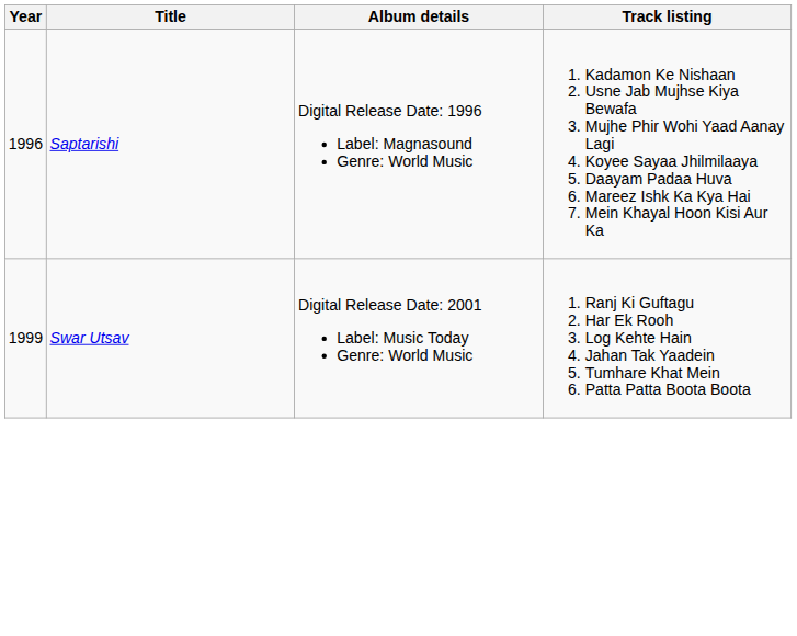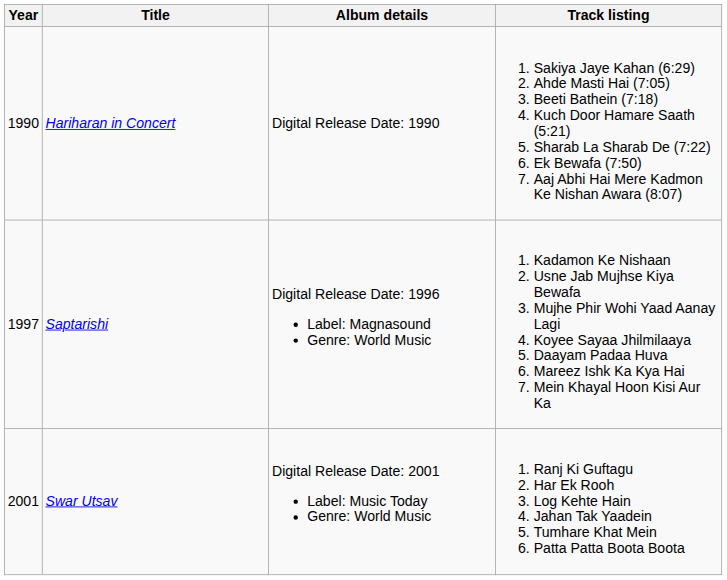 <table class="wikitable">
 <tr>
 <th rowspan="">Year</th>
 <th rowspan="" style="width:250px;">Title</th>
 <th rowspan="" style="width:250px;">Album details</th>
 <th rowspan="" style="width:250px;">Track listing</th>
 </tr>
 <tr>
-<td>1996</td>
+<td>1990</td>
+<td><em><a href='#'>Hariharan in Concert</a></em></td>
+<td>Digital Release Date: 1990</td>
+<td><br><ol><li>Sakiya Jaye Kahan (6:29)</li><li>Ahde Masti Hai (7:05)</li><li>Beeti Bathein (7:18)</li><li>Kuch Door Hamare Saath (5:21)</li><li>Sharab La Sharab De (7:22)</li><li>Ek Bewafa (7:50)</li><li>Aaj Abhi Hai Mere Kadmon Ke Nishan Awara (8:07)</li></ol></td>
+</tr>
+<tr>
+<td>1997</td>
 <td><em><a href='#'>Saptarishi</a></em></td>
 <td>Digital Release Date: 1996<br><ul><li>Label: Magnasound</li><li>Genre: World Music</li></ul></td>
 <td><br><ol><li>Kadamon Ke Nishaan</li><li>Usne Jab Mujhse Kiya Bewafa</li><li>Mujhe Phir Wohi Yaad Aanay Lagi</li><li>Koyee Sayaa Jhilmilaaya</li><li>Daayam Padaa Huva</li><li>Mareez Ishk Ka Kya Hai</li><li>Mein Khayal Hoon Kisi Aur Ka</li></ol></td>
 </tr>
 <tr>
-<td>1999</td>
+<td>2001</td>
 <td><em><a href='#'>Swar Utsav</a></em></td>
 <td>Digital Release Date: 2001<br><ul><li>Label: Music Today</li><li>Genre: World Music</li></ul></td>
 <td><br><ol><li>Ranj Ki Guftagu</li><li>Har Ek Rooh</li><li>Log Kehte Hain</li><li>Jahan Tak Yaadein</li><li>Tumhare Khat Mein</li><li>Patta Patta Boota Boota</li></ol></td>
 </tr>
 </table>
